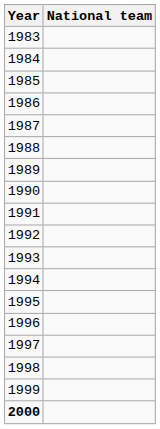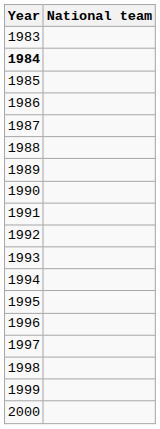 <table class="wikitable">
 <tr>
 <th>Year</th>
 <th>National team</th>
 </tr>
 <tr>
 <td>1983</td>
 <td></td>
 </tr>
 <tr>
-<td>1984</td>
+<td><strong>1984</strong></td>
 <td></td>
 </tr>
 <tr>
 <td>1985</td>
 <td></td>
 </tr>
 <tr>
 <td>1986</td>
 <td></td>
 </tr>
 <tr>
 <td>1987</td>
 <td></td>
 </tr>
 <tr>
 <td>1988</td>
 <td></td>
 </tr>
 <tr>
 <td>1989</td>
 <td></td>
 </tr>
 <tr>
 <td>1990</td>
 <td></td>
 </tr>
 <tr>
 <td>1991</td>
 <td></td>
 </tr>
 <tr>
 <td>1992</td>
 <td></td>
 </tr>
 <tr>
 <td>1993</td>
 <td></td>
 </tr>
 <tr>
 <td>1994</td>
 <td></td>
 </tr>
 <tr>
 <td>1995</td>
 <td></td>
 </tr>
 <tr>
 <td>1996</td>
 <td></td>
 </tr>
 <tr>
 <td>1997</td>
 <td></td>
 </tr>
 <tr>
 <td>1998</td>
 <td></td>
 </tr>
 <tr>
 <td>1999</td>
 <td></td>
 </tr>
 <tr>
-<td><strong>2000</strong></td>
+<td>2000</td>
 <td></td>
 </tr>
 </table>
